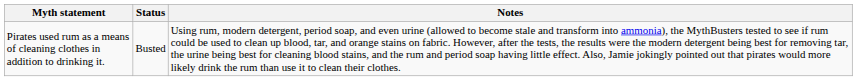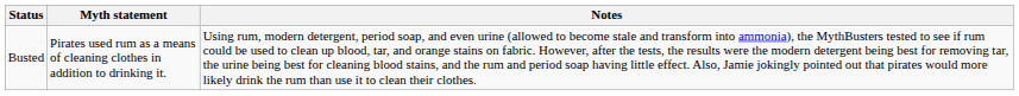 <table class="wikitable plainrowheaders">
 <tr>
+<th>Status</th>
 <th>Myth statement</th>
-<th>Status</th>
 <th>Notes</th>
 </tr>
 <tr>
+<td><span> Busted</span></td>
 <td>Pirates used rum as a means of cleaning clothes in addition to drinking it.</td>
-<td><span> Busted</span></td>
 <td>Using rum, modern detergent, period soap, and even urine (allowed to become stale and transform into <a href='#'>ammonia</a>), the MythBusters tested to see if rum could be used to clean up blood, tar, and orange stains on fabric. However, after the tests, the results were the modern detergent being best for removing tar, the urine being best for cleaning blood stains, and the rum and period soap having little effect. Also, Jamie jokingly pointed out that pirates would more likely drink the rum than use it to clean their clothes.</td>
 </tr>
 </table>
